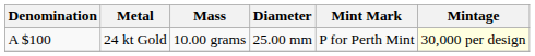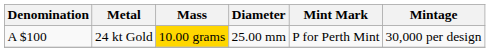 <table class="wikitable">
 <tr>
 <th>Denomination</th>
 <th>Metal</th>
 <th>Mass</th>
 <th>Diameter</th>
 <th>Mint Mark</th>
 <th>Mintage</th>
 </tr>
 <tr>
 <td>A $100</td>
 <td>24 kt Gold</td>
-<td>10.00 grams</td>
+<td style="background: gold;">10.00 grams</td>
 <td>25.00 mm</td>
 <td>P for Perth Mint</td>
-<td style="background: lightyellow;">30,000 per design</td>
+<td>30,000 per design</td>
 </tr>
 <tr>
 </tr>
 </table>
